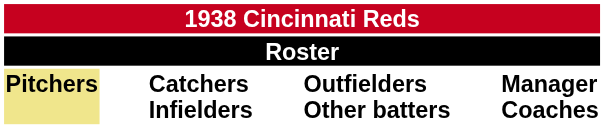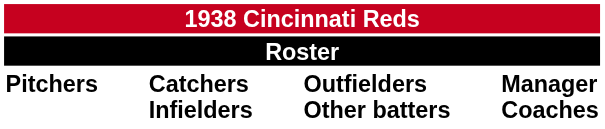 <table class="toccolours" style="font-size: 95%;">
 <tr>
 <th colspan="10" style="background:#c6011f; color:white; text-align:center;">1938 Cincinnati Reds</th>
 </tr>
 <tr>
 <td colspan="10" style="background:black; color:white; text-align:center;"><strong>Roster</strong></td>
 </tr>
 <tr>
-<td valign="top" style="background: khaki;"><strong>Pitchers</strong><br>            </td>
+<td valign="top"><strong>Pitchers</strong><br>            </td>
 <td style="width:25px;"></td>
 <td valign="top"><strong>Catchers</strong><br>   <strong>Infielders</strong>        </td>
 <td style="width:25px;"></td>
 <td valign="top"><strong>Outfielders</strong><br>       <strong>Other batters</strong>   </td>
 <td style="width:25px;"></td>
 <td valign="top"><strong>Manager</strong><br> <strong>Coaches</strong>  </td>
 </tr>
 </table>
